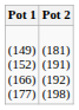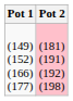 <table class="wikitable">
 <tr>
 <th width=50%>Pot 1</th>
 <th width=50%>Pot 2</th>
 </tr>
 <tr>
 <td><br><strong></strong> (149)<br> <strong></strong> (152)<br> <strong></strong> (166)<br>  (177)</td>
-<td><br><strong></strong> (181)<br>  (191)<br>  (192)<br>  (198)</td>
+<td style="background: pink;"><br><strong></strong> (181)<br>  (191)<br>  (192)<br>  (198)</td>
 </tr>
 </table>
